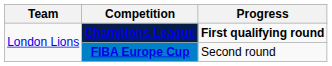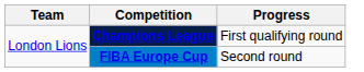 <table class="wikitable sortable">
 <tr>
 <th>Team</th>
 <th>Competition</th>
 <th>Progress</th>
 </tr>
 <tr>
 <td rowspan=2><a href='#'>London Lions</a></td>
 <td style="background-color:#071D49;color:#D0D3D4;text-align:center"><strong><a href='#'><span>Champions League</span></a></strong></td>
-<td><strong>First qualifying round</strong></td>
+<td>First qualifying round</td>
 </tr>
 <tr>
 <td style="background-color:#0080C8;color:white;text-align:center"><strong><a href='#'><span>FIBA Europe Cup</span></a></strong></td>
 <td>Second round</td>
 </tr>
 </table>
